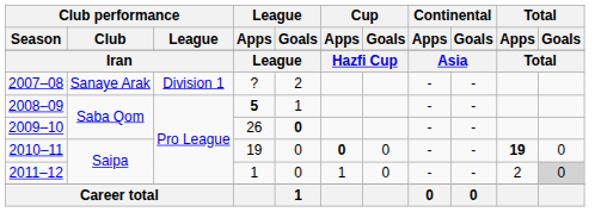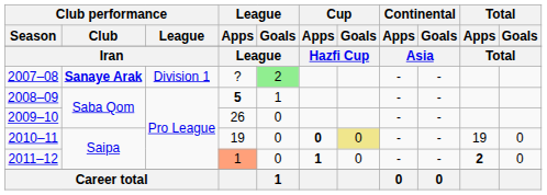 <table class="wikitable" style="text-align:center">
 <tr>
 <th colspan=3>Club performance</th>
 <th colspan=2>League</th>
 <th colspan=2>Cup</th>
 <th colspan=2>Continental</th>
 <th colspan=2>Total</th>
 </tr>
 <tr>
 <th>Season</th>
 <th>Club</th>
 <th>League</th>
 <th>Apps</th>
 <th>Goals</th>
 <th>Apps</th>
 <th>Goals</th>
 <th>Apps</th>
 <th>Goals</th>
 <th>Apps</th>
 <th>Goals</th>
 </tr>
 <tr>
 </tr>
 <tr>
 <th colspan=3>Iran</th>
 <th colspan=2>League</th>
 <th colspan=2><a href='#'>Hazfi Cup</a></th>
 <th colspan=2><a href='#'>Asia</a></th>
 <th colspan=2>Total</th>
 </tr>
 <tr>
 <td><a href='#'>2007–08</a></td>
-<td rowspan="1"><a href='#'>Sanaye Arak</a></td>
+<td rowspan="1"><strong><a href='#'>Sanaye Arak</a></strong></td>
 <td rowspan="1"><a href='#'>Division 1</a></td>
 <td>?</td>
-<td>2</td>
+<td style="background: lightgreen;">2</td>
 <td></td>
 <td></td>
 <td>-</td>
 <td>-</td>
 <td></td>
 <td></td>
 </tr>
 <tr>
 <td><a href='#'>2008–09</a></td>
 <td rowspan="2"><a href='#'>Saba Qom</a></td>
 <td rowspan="4"><a href='#'>Pro League</a></td>
 <td><strong>5</strong></td>
 <td>1</td>
 <td></td>
 <td></td>
 <td>-</td>
 <td>-</td>
 <td></td>
 <td></td>
 </tr>
 <tr>
 <td><a href='#'>2009–10</a></td>
 <td>26</td>
-<td><strong>0</strong></td>
+<td>0</td>
 <td></td>
 <td></td>
 <td>-</td>
 <td>-</td>
 <td></td>
 <td></td>
 </tr>
 <tr>
 <td><a href='#'>2010–11</a></td>
 <td rowspan="2"><a href='#'>Saipa</a></td>
 <td>19</td>
 <td>0</td>
 <td><strong>0</strong></td>
-<td>0</td>
+<td style="background: khaki;">0</td>
 <td>-</td>
 <td>-</td>
-<td><strong>19</strong></td>
+<td>19</td>
 <td>0</td>
 </tr>
 <tr>
 <td><a href='#'>2011–12</a></td>
-<td>1</td>
+<td style="background: lightsalmon;">1</td>
 <td>0</td>
-<td>1</td>
+<td><strong>1</strong></td>
 <td>0</td>
 <td>-</td>
 <td>-</td>
-<td>2</td>
-<td style="background: lightgrey;">0</td>
+<td><strong>2</strong></td>
+<td>0</td>
 </tr>
 <tr>
 </tr>
 <tr>
 <th colspan=3>Career total</th>
 <th></th>
 <th>1</th>
 <th></th>
 <th></th>
 <th>0</th>
 <th>0</th>
 <th></th>
 <th></th>
 </tr>
 </table>
